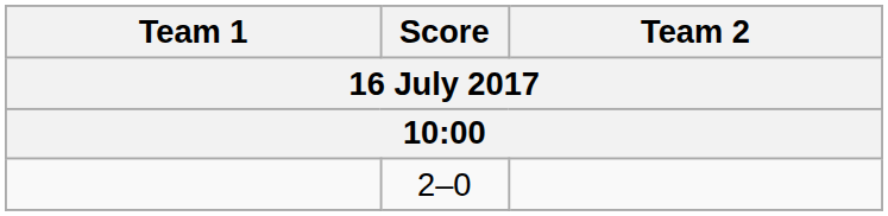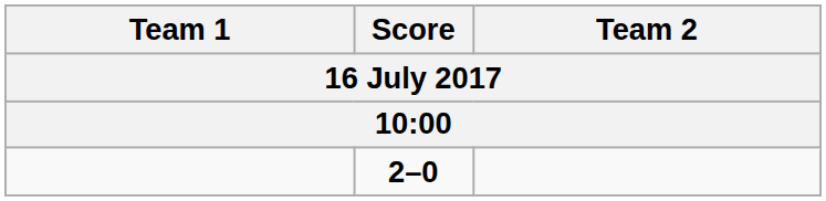 <table class="wikitable" style="text-align: center; font-size:90% ">
 <tr>
 <th align="right" width="160">Team 1</th>
 <th width="50">Score</th>
 <th align="left" width="160">Team 2</th>
 </tr>
 <tr>
 <th colspan=3>16 July 2017</th>
 </tr>
 <tr>
 <th colspan=3>10:00</th>
 </tr>
 <tr>
 <td align=right></td>
-<td align=center>2–0</td>
+<td align=center><strong>2–0</strong></td>
 <td align=left></td>
 </tr>
 </table>
